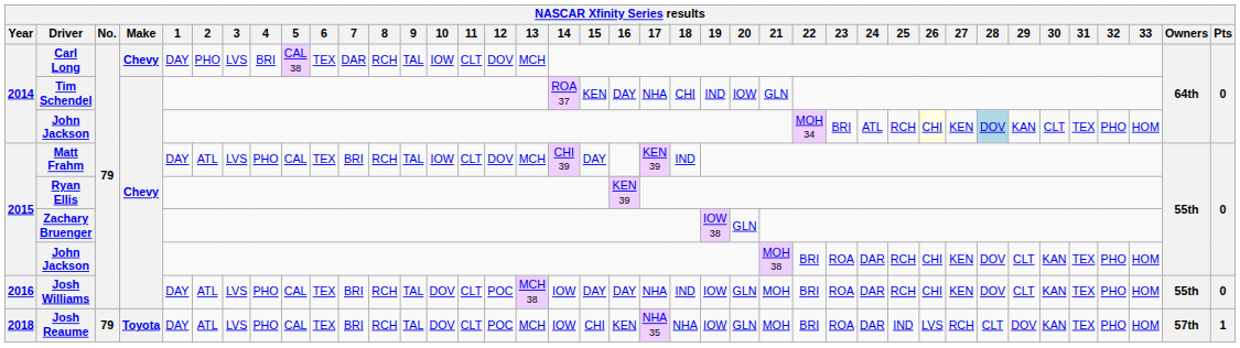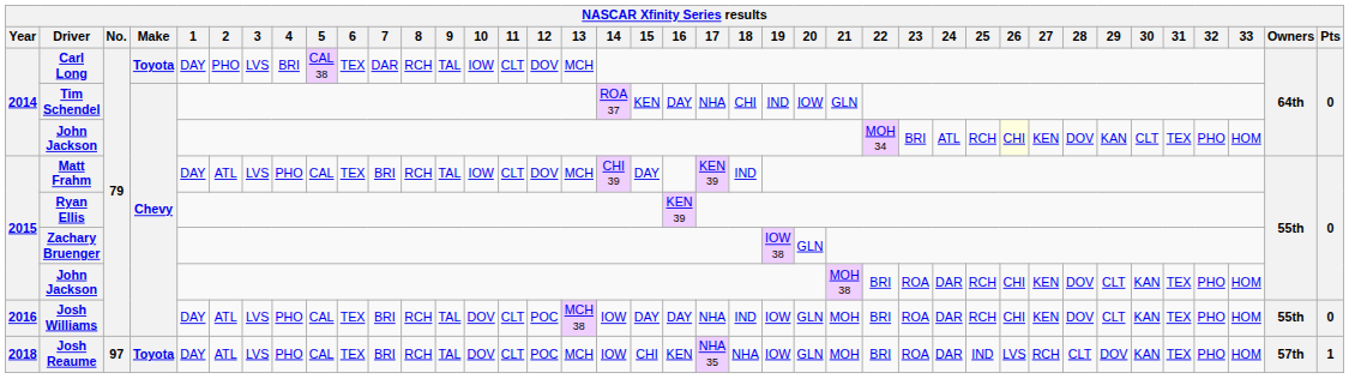 <table class="wikitable" style="text-align:center; font-size:75%">
 <tr>
 <th colspan=45><a href='#'>NASCAR Xfinity Series</a> results</th>
 </tr>
 <tr>
 <th>Year</th>
 <th>Driver</th>
 <th>No.</th>
 <th>Make</th>
 <th>1</th>
 <th>2</th>
 <th>3</th>
 <th>4</th>
 <th>5</th>
 <th>6</th>
 <th>7</th>
 <th>8</th>
 <th>9</th>
 <th>10</th>
 <th>11</th>
 <th>12</th>
 <th>13</th>
 <th>14</th>
 <th>15</th>
 <th>16</th>
 <th>17</th>
 <th>18</th>
 <th>19</th>
 <th>20</th>
 <th>21</th>
 <th>22</th>
 <th>23</th>
 <th>24</th>
 <th>25</th>
 <th>26</th>
 <th>27</th>
 <th>28</th>
 <th>29</th>
 <th>30</th>
 <th>31</th>
 <th>32</th>
 <th>33</th>
 <th>Owners</th>
 <th>Pts</th>
 </tr>
 <tr>
 <th rowspan=3><a href='#'>2014</a></th>
 <th><a href='#'>Carl Long</a></th>
 <th rowspan=8>79</th>
-<th><a href='#'>Chevy</a></th>
+<th><a href='#'>Toyota</a></th>
 <td><a href='#'>DAY</a></td>
 <td><a href='#'>PHO</a></td>
 <td><a href='#'>LVS</a></td>
 <td><a href='#'>BRI</a></td>
 <td style="background:#EFCFFF;"><a href='#'>CAL</a><br><small>38</small></td>
 <td><a href='#'>TEX</a></td>
 <td><a href='#'>DAR</a></td>
 <td><a href='#'>RCH</a></td>
 <td><a href='#'>TAL</a></td>
 <td><a href='#'>IOW</a></td>
 <td><a href='#'>CLT</a></td>
 <td><a href='#'>DOV</a></td>
 <td><a href='#'>MCH</a></td>
 <td colspan=20></td>
 <th rowspan=3>64th</th>
 <th rowspan=3>0</th>
 </tr>
 <tr>
 <th><a href='#'>Tim Schendel</a></th>
 <th rowspan=7><a href='#'>Chevy</a></th>
 <td colspan=13></td>
 <td style="background:#EFCFFF;"><a href='#'>ROA</a><br><small>37</small></td>
 <td><a href='#'>KEN</a></td>
 <td><a href='#'>DAY</a></td>
 <td><a href='#'>NHA</a></td>
 <td><a href='#'>CHI</a></td>
 <td><a href='#'>IND</a></td>
 <td><a href='#'>IOW</a></td>
 <td><a href='#'>GLN</a></td>
 <td colspan=12></td>
 </tr>
 <tr>
 <th><a href='#'>John Jackson</a></th>
 <td colspan=21></td>
 <td style="background:#EFCFFF;"><a href='#'>MOH</a><br><small>34</small></td>
 <td><a href='#'>BRI</a></td>
 <td><a href='#'>ATL</a></td>
 <td><a href='#'>RCH</a></td>
 <td style="background: lightyellow;"><a href='#'>CHI</a></td>
 <td><a href='#'>KEN</a></td>
-<td style="background: lightblue;"><a href='#'>DOV</a></td>
+<td><a href='#'>DOV</a></td>
 <td><a href='#'>KAN</a></td>
 <td><a href='#'>CLT</a></td>
 <td><a href='#'>TEX</a></td>
 <td><a href='#'>PHO</a></td>
 <td><a href='#'>HOM</a></td>
 </tr>
 <tr>
 <th rowspan=4><a href='#'>2015</a></th>
 <th><a href='#'>Matt Frahm</a></th>
 <td><a href='#'>DAY</a></td>
 <td><a href='#'>ATL</a></td>
 <td><a href='#'>LVS</a></td>
 <td><a href='#'>PHO</a></td>
 <td><a href='#'>CAL</a></td>
 <td><a href='#'>TEX</a></td>
 <td><a href='#'>BRI</a></td>
 <td><a href='#'>RCH</a></td>
 <td><a href='#'>TAL</a></td>
 <td><a href='#'>IOW</a></td>
 <td><a href='#'>CLT</a></td>
 <td><a href='#'>DOV</a></td>
 <td><a href='#'>MCH</a></td>
 <td style="background:#EFCFFF;"><a href='#'>CHI</a><br><small>39</small></td>
 <td><a href='#'>DAY</a></td>
 <td></td>
 <td style="background:#EFCFFF;"><a href='#'>KEN</a><br><small>39</small></td>
 <td><a href='#'>IND</a></td>
 <td colspan=15></td>
 <th rowspan=4>55th</th>
 <th rowspan=4>0</th>
 </tr>
 <tr>
 <th><a href='#'>Ryan Ellis</a></th>
 <td colspan=15></td>
 <td style="background:#EFCFFF;"><a href='#'>KEN</a><br><small>39</small></td>
 <td colspan=17></td>
 </tr>
 <tr>
 <th><a href='#'>Zachary Bruenger</a></th>
 <td colspan=18></td>
 <td style="background:#EFCFFF";><a href='#'>IOW</a><br><small>38</small></td>
 <td><a href='#'>GLN</a></td>
 <td colspan=13></td>
 </tr>
 <tr>
 <th><a href='#'>John Jackson</a></th>
 <td colspan=20></td>
 <td style="background:#EFCFFF;"><a href='#'>MOH</a><br><small>38</small></td>
 <td><a href='#'>BRI</a></td>
 <td><a href='#'>ROA</a></td>
 <td><a href='#'>DAR</a></td>
 <td><a href='#'>RCH</a></td>
 <td><a href='#'>CHI</a></td>
 <td><a href='#'>KEN</a></td>
 <td><a href='#'>DOV</a></td>
 <td><a href='#'>CLT</a></td>
 <td><a href='#'>KAN</a></td>
 <td><a href='#'>TEX</a></td>
 <td><a href='#'>PHO</a></td>
 <td><a href='#'>HOM</a></td>
 </tr>
 <tr>
 <th><a href='#'>2016</a></th>
 <th><a href='#'>Josh Williams</a></th>
 <td><a href='#'>DAY</a></td>
 <td><a href='#'>ATL</a></td>
 <td><a href='#'>LVS</a></td>
 <td><a href='#'>PHO</a></td>
 <td><a href='#'>CAL</a></td>
 <td><a href='#'>TEX</a></td>
 <td><a href='#'>BRI</a></td>
 <td><a href='#'>RCH</a></td>
 <td><a href='#'>TAL</a></td>
 <td><a href='#'>DOV</a></td>
 <td><a href='#'>CLT</a></td>
 <td><a href='#'>POC</a></td>
 <td style="background:#EFCFFF;"><a href='#'>MCH</a><br><small>38</small></td>
 <td><a href='#'>IOW</a></td>
 <td><a href='#'>DAY</a></td>
 <td><a href='#'>DAY</a></td>
 <td><a href='#'>NHA</a></td>
 <td><a href='#'>IND</a></td>
 <td><a href='#'>IOW</a></td>
 <td><a href='#'>GLN</a></td>
 <td><a href='#'>MOH</a></td>
 <td><a href='#'>BRI</a></td>
 <td><a href='#'>ROA</a></td>
 <td><a href='#'>DAR</a></td>
 <td><a href='#'>RCH</a></td>
 <td><a href='#'>CHI</a></td>
 <td><a href='#'>KEN</a></td>
 <td><a href='#'>DOV</a></td>
 <td><a href='#'>CLT</a></td>
 <td><a href='#'>KAN</a></td>
 <td><a href='#'>TEX</a></td>
 <td><a href='#'>PHO</a></td>
 <td><a href='#'>HOM</a></td>
 <th>55th</th>
 <th>0</th>
 </tr>
 <tr>
 <th><a href='#'>2018</a></th>
 <th><a href='#'>Josh Reaume</a></th>
-<th>79</th>
+<th>97</th>
 <th><a href='#'>Toyota</a></th>
 <td><a href='#'>DAY</a></td>
 <td><a href='#'>ATL</a></td>
 <td><a href='#'>LVS</a></td>
 <td><a href='#'>PHO</a></td>
 <td><a href='#'>CAL</a></td>
 <td><a href='#'>TEX</a></td>
 <td><a href='#'>BRI</a></td>
 <td><a href='#'>RCH</a></td>
 <td><a href='#'>TAL</a></td>
 <td><a href='#'>DOV</a></td>
 <td><a href='#'>CLT</a></td>
 <td><a href='#'>POC</a></td>
 <td><a href='#'>MCH</a></td>
 <td><a href='#'>IOW</a></td>
 <td><a href='#'>CHI</a></td>
 <td><a href='#'>KEN</a></td>
 <td style="background:#EFCFFF;"><a href='#'>NHA</a><br><small>35</small></td>
 <td><a href='#'>NHA</a></td>
 <td><a href='#'>IOW</a></td>
 <td><a href='#'>GLN</a></td>
 <td><a href='#'>MOH</a></td>
 <td><a href='#'>BRI</a></td>
 <td><a href='#'>ROA</a></td>
 <td><a href='#'>DAR</a></td>
 <td><a href='#'>IND</a></td>
 <td><a href='#'>LVS</a></td>
 <td><a href='#'>RCH</a></td>
 <td><a href='#'>CLT</a></td>
 <td><a href='#'>DOV</a></td>
 <td><a href='#'>KAN</a></td>
 <td><a href='#'>TEX</a></td>
 <td><a href='#'>PHO</a></td>
 <td><a href='#'>HOM</a></td>
 <th>57th</th>
 <th>1</th>
 </tr>
 </table>
